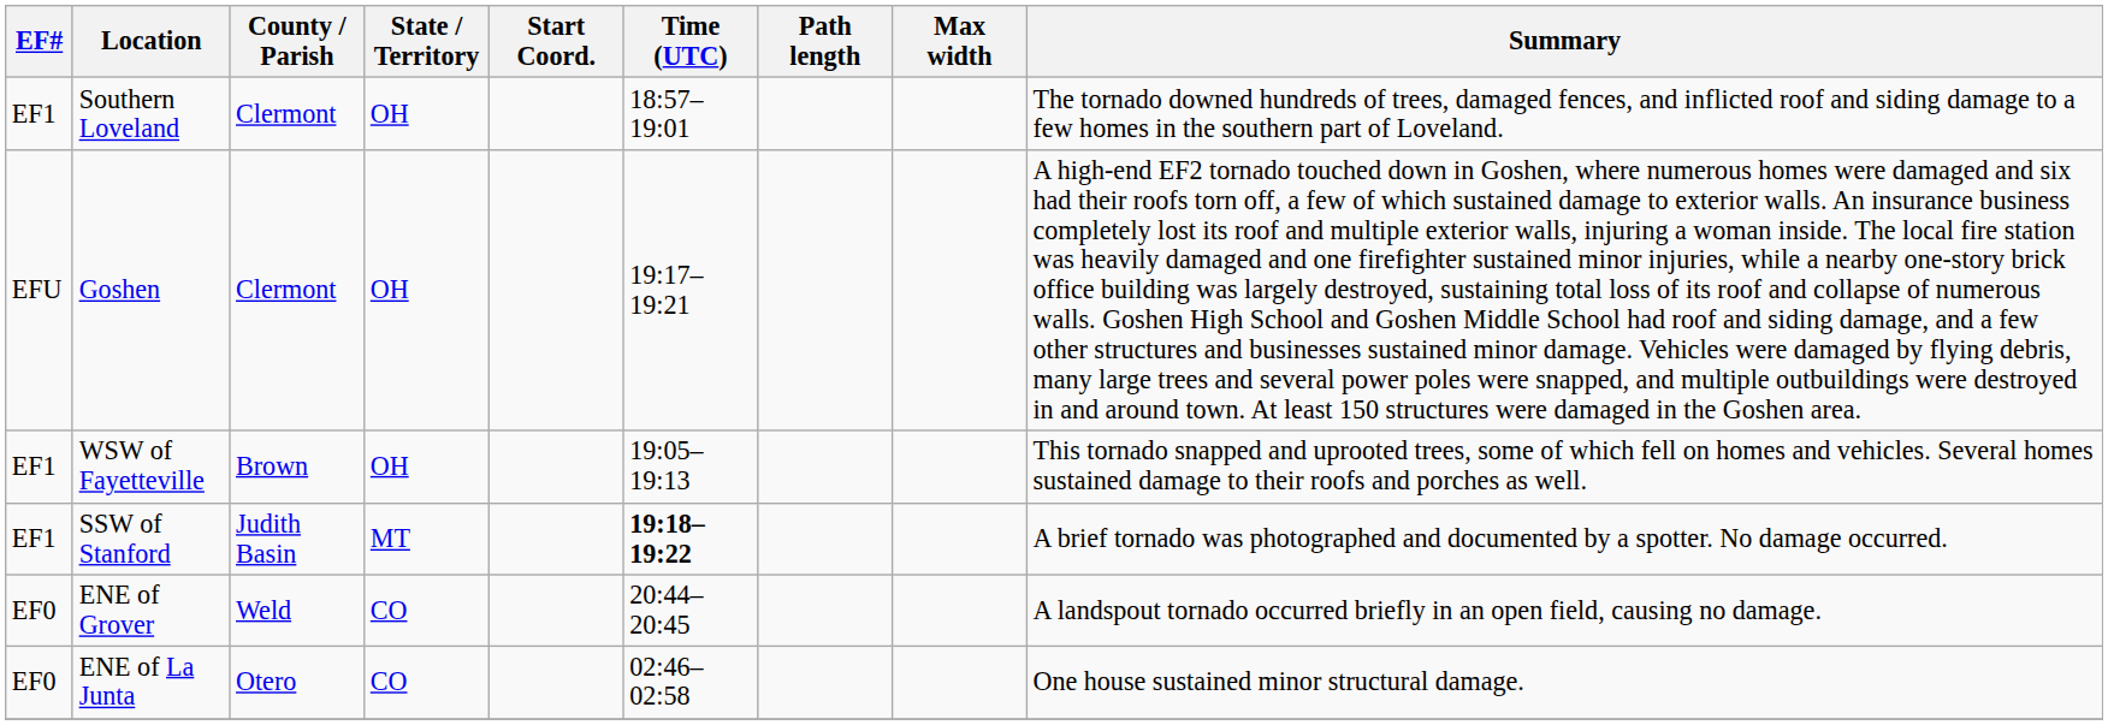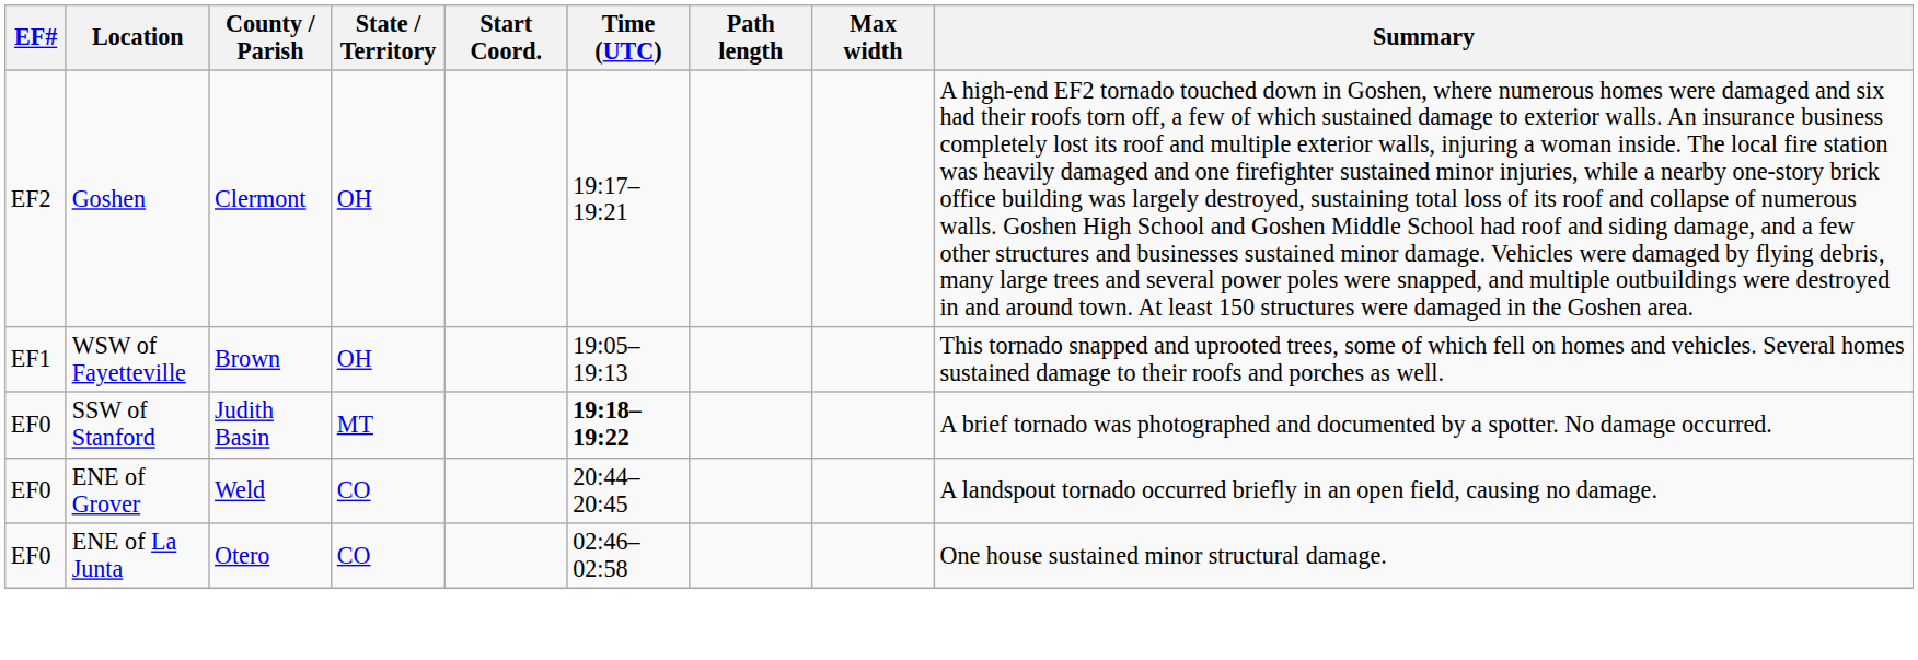 <table class="wikitable sortable" style="width:100%;">
 <tr>
 <th scope="col"  style="width:3%; text-align:center;"><a href='#'>EF#</a></th>
 <th scope="col"  style="width:7%; text-align:center;" class="unsortable">Location</th>
 <th scope="col"  style="width:6%; text-align:center;" class="unsortable">County / Parish</th>
 <th scope="col"  style="width:5%; text-align:center;">State / Territory</th>
 <th scope="col"  style="width:6%; text-align:center;">Start Coord.</th>
 <th scope="col"  style="width:6%; text-align:center;">Time (<a href='#'>UTC</a>)</th>
 <th scope="col"  style="width:6%; text-align:center;">Path length</th>
 <th scope="col"  style="width:6%; text-align:center;">Max width</th>
 <th scope="col" class="unsortable" style="width:48%; text-align:center;">Summary</th>
 </tr>
 <tr>
-<td>EF1</td>
-<td>Southern <a href='#'>Loveland</a></td>
-<td><a href='#'>Clermont</a></td>
-<td><a href='#'>OH</a></td>
-<td></td>
-<td>18:57–19:01</td>
-<td></td>
-<td></td>
-<td>The tornado downed hundreds of trees, damaged fences, and inflicted roof and siding damage to a few homes in the southern part of Loveland.</td>
-</tr>
-<tr>
-<td>EFU</td>
+<td>EF2</td>
 <td><a href='#'>Goshen</a></td>
 <td><a href='#'>Clermont</a></td>
 <td><a href='#'>OH</a></td>
 <td></td>
 <td>19:17–19:21</td>
 <td></td>
 <td></td>
 <td>A high-end EF2 tornado touched down in Goshen, where numerous homes were damaged and six had their roofs torn off, a few of which sustained damage to exterior walls. An insurance business completely lost its roof and multiple exterior walls, injuring a woman inside. The local fire station was heavily damaged and one firefighter sustained minor injuries, while a nearby one-story brick office building was largely destroyed, sustaining total loss of its roof and collapse of numerous walls. Goshen High School and Goshen Middle School had roof and siding damage, and a few other structures and businesses sustained minor damage. Vehicles were damaged by flying debris, many large trees and several power poles were snapped, and multiple outbuildings were destroyed in and around town. At least 150 structures were damaged in the Goshen area.</td>
 </tr>
 <tr>
 <td>EF1</td>
 <td>WSW of <a href='#'>Fayetteville</a></td>
 <td><a href='#'>Brown</a></td>
 <td><a href='#'>OH</a></td>
 <td></td>
 <td>19:05–19:13</td>
 <td></td>
 <td></td>
 <td>This tornado snapped and uprooted trees, some of which fell on homes and vehicles. Several homes sustained damage to their roofs and porches as well.</td>
 </tr>
 <tr>
-<td>EF1</td>
+<td>EF0</td>
 <td>SSW of <a href='#'>Stanford</a></td>
 <td><a href='#'>Judith Basin</a></td>
 <td><a href='#'>MT</a></td>
 <td></td>
 <td><strong>19:18–19:22</strong></td>
 <td></td>
 <td></td>
 <td>A brief tornado was photographed and documented by a spotter. No damage occurred.</td>
 </tr>
 <tr>
 <td>EF0</td>
 <td>ENE of <a href='#'>Grover</a></td>
 <td><a href='#'>Weld</a></td>
 <td><a href='#'>CO</a></td>
 <td></td>
 <td>20:44–20:45</td>
 <td></td>
 <td></td>
 <td>A landspout tornado occurred briefly in an open field, causing no damage.</td>
 </tr>
 <tr>
 <td>EF0</td>
 <td>ENE of <a href='#'>La Junta</a></td>
 <td><a href='#'>Otero</a></td>
 <td><a href='#'>CO</a></td>
 <td></td>
 <td>02:46–02:58</td>
 <td></td>
 <td></td>
 <td>One house sustained minor structural damage.</td>
 </tr>
 <tr>
 </tr>
 </table>
